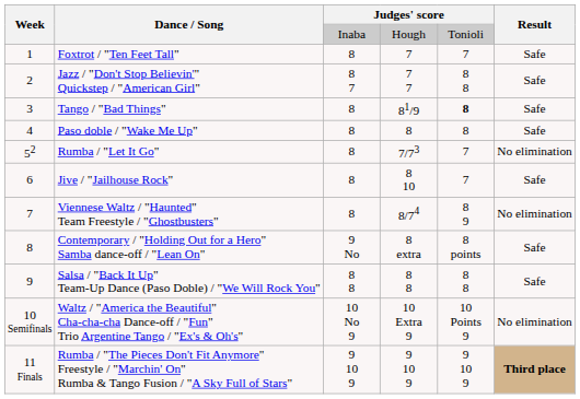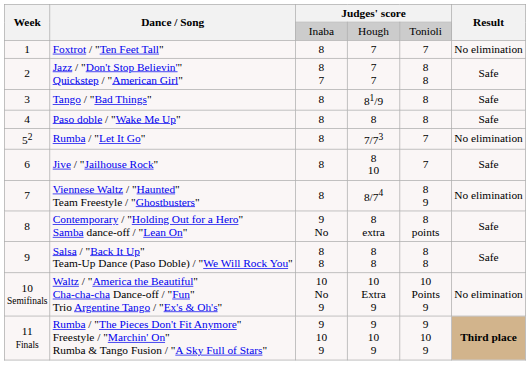 <table class="wikitable" style="text-align:center;">
 <tr style="text-align:center;">
 <th rowspan="2" bgcolor="#CCCCCC" align="Center">Week</th>
 <th rowspan="2" bgcolor="#CCCCCC" align="Center">Dance / Song</th>
 <th colspan="3" bgcolor="#CCCCCC" align="Center">Judges' score</th>
 <th rowspan="2" bgcolor="#CCCCCC" align="Center">Result</th>
 </tr>
 <tr>
 <td bgcolor="#CCCCCC" width="10%" align="center">Inaba</td>
 <td bgcolor="#CCCCCC" width="10%" align="center">Hough</td>
 <td bgcolor="#CCCCCC" width="10%" align="center">Tonioli</td>
 </tr>
 <tr>
 <td bgcolor="#FAF6F6">1</td>
 <td align="left" bgcolor="#FAF6F6"><a href='#'>Foxtrot</a> / "<a href='#'>Ten Feet Tall</a>"</td>
 <td bgcolor="#FAF6F6">8</td>
 <td bgcolor="#FAF6F6">7</td>
 <td bgcolor="#FAF6F6">7</td>
-<td bgcolor="#FAF6F6">Safe</td>
+<td bgcolor="#FAF6F6">No elimination</td>
 </tr>
 <tr>
 <td bgcolor="#FAF6F6" rowspan=1>2</td>
 <td align="left" bgcolor="#FAF6F6"><a href='#'>Jazz</a> / "<a href='#'>Don't Stop Believin'</a>"<br><a href='#'>Quickstep</a> / "<a href='#'>American Girl</a>"</td>
 <td bgcolor="#FAF6F6">8<br>7</td>
 <td bgcolor="#FAF6F6">7<br>7</td>
 <td bgcolor="#FAF6F6">8<br>8</td>
 <td bgcolor="#FAF6F6">Safe</td>
 </tr>
 <tr>
 <td bgcolor="#FAF6F6">3</td>
 <td align="left" bgcolor="#FAF6F6"><a href='#'>Tango</a> / "<a href='#'>Bad Things</a>"</td>
 <td bgcolor="#FAF6F6">8</td>
 <td bgcolor="#FAF6F6">8<sup>1</sup>/9</td>
-<td bgcolor="#FAF6F6"><strong>8</strong></td>
+<td bgcolor="#FAF6F6">8</td>
 <td bgcolor="#FAF6F6">Safe</td>
 </tr>
 <tr>
 <td bgcolor="#FAF6F6">4</td>
 <td align="left" bgcolor="#FAF6F6"><a href='#'>Paso doble</a> / "<a href='#'>Wake Me Up</a>"</td>
 <td bgcolor="#FAF6F6">8</td>
 <td bgcolor="#FAF6F6">8</td>
 <td bgcolor="#FAF6F6">8</td>
 <td bgcolor="#FAF6F6">Safe</td>
 </tr>
 <tr>
 <td bgcolor="#FAF6F6">5<sup>2</sup></td>
 <td align="left" bgcolor="#FAF6F6"><a href='#'>Rumba</a> / "<a href='#'>Let It Go</a>"</td>
 <td bgcolor="#FAF6F6">8</td>
 <td bgcolor="#FAF6F6">7/7<sup>3</sup></td>
 <td bgcolor="#FAF6F6">7</td>
 <td bgcolor="#FAF6F6">No elimination</td>
 </tr>
 <tr>
 <td bgcolor="#FAF6F6">6</td>
 <td align="left" bgcolor="#FAF6F6"><a href='#'>Jive</a> / "<a href='#'>Jailhouse Rock</a>"</td>
 <td bgcolor="#FAF6F6">8</td>
 <td bgcolor="#FAF6F6">8<br>10</td>
 <td bgcolor="#FAF6F6">7</td>
 <td bgcolor="#FAF6F6">Safe</td>
 </tr>
 <tr>
 <td bgcolor="#FAF6F6">7</td>
 <td align="left" bgcolor="#FAF6F6"><a href='#'>Viennese Waltz</a> / "<a href='#'>Haunted</a>"<br>Team Freestyle / "<a href='#'>Ghostbusters</a>"</td>
 <td bgcolor="#FAF6F6">8</td>
 <td bgcolor="#FAF6F6">8/7<sup>4</sup></td>
 <td bgcolor="#FAF6F6">8<br>9</td>
 <td bgcolor="#FAF6F6">No elimination</td>
 </tr>
 <tr>
 <td bgcolor="#FAF6F6">8</td>
 <td align="left" bgcolor="#FAF6F6"><a href='#'>Contemporary</a> / "<a href='#'>Holding Out for a Hero</a>"<br><a href='#'>Samba</a> dance-off / "<a href='#'>Lean On</a>"</td>
 <td bgcolor="#FAF6F6">9<br>No</td>
 <td bgcolor="#FAF6F6">8<br>extra</td>
 <td bgcolor="#FAF6F6">8<br>points</td>
 <td bgcolor="#FAF6F6">Safe</td>
 </tr>
 <tr>
 <td bgcolor="#FAF6F6">9</td>
 <td align="left" bgcolor="#FAF6F6"><a href='#'>Salsa</a> / "<a href='#'>Back It Up</a>"<br>Team-Up Dance (Paso Doble) / "<a href='#'>We Will Rock You</a>"</td>
 <td bgcolor="#FAF6F6">8<br>8</td>
 <td bgcolor="#FAF6F6">8<br>8</td>
 <td bgcolor="#FAF6F6">8<br>8</td>
 <td bgcolor="#FAF6F6">Safe</td>
 </tr>
 <tr>
 <td bgcolor="#FAF6F6">10<br><small>Semifinals</small></td>
 <td align="left" bgcolor="#FAF6F6"><a href='#'>Waltz</a> / "<a href='#'>America the Beautiful</a>"<br><a href='#'>Cha-cha-cha</a> Dance-off / "<a href='#'>Fun</a>"<br>Trio <a href='#'>Argentine Tango</a> / "<a href='#'>Ex's & Oh's</a>"</td>
 <td bgcolor="#FAF6F6">10<br>No<br>9</td>
 <td bgcolor="#FAF6F6">10<br>Extra<br>9</td>
 <td bgcolor="#FAF6F6">10<br>Points<br>9</td>
 <td bgcolor="#FAF6F6">No elimination</td>
 </tr>
 <tr>
 <td bgcolor="#FAF6F6">11<br><small>Finals</small></td>
 <td align="left" bgcolor="#FAF6F6"><a href='#'>Rumba</a> / "<a href='#'>The Pieces Don't Fit Anymore</a>"<br>Freestyle / "<a href='#'>Marchin' On</a>"<br>Rumba & Tango Fusion / "<a href='#'>A Sky Full of Stars</a>"</td>
 <td bgcolor="#FAF6F6">9<br>10<br>9</td>
 <td bgcolor="#FAF6F6">9<br>10<br>9</td>
 <td bgcolor="#FAF6F6">9<br>10<br>9</td>
 <th style="background:tan;">Third place</th>
 </tr>
 </table>
